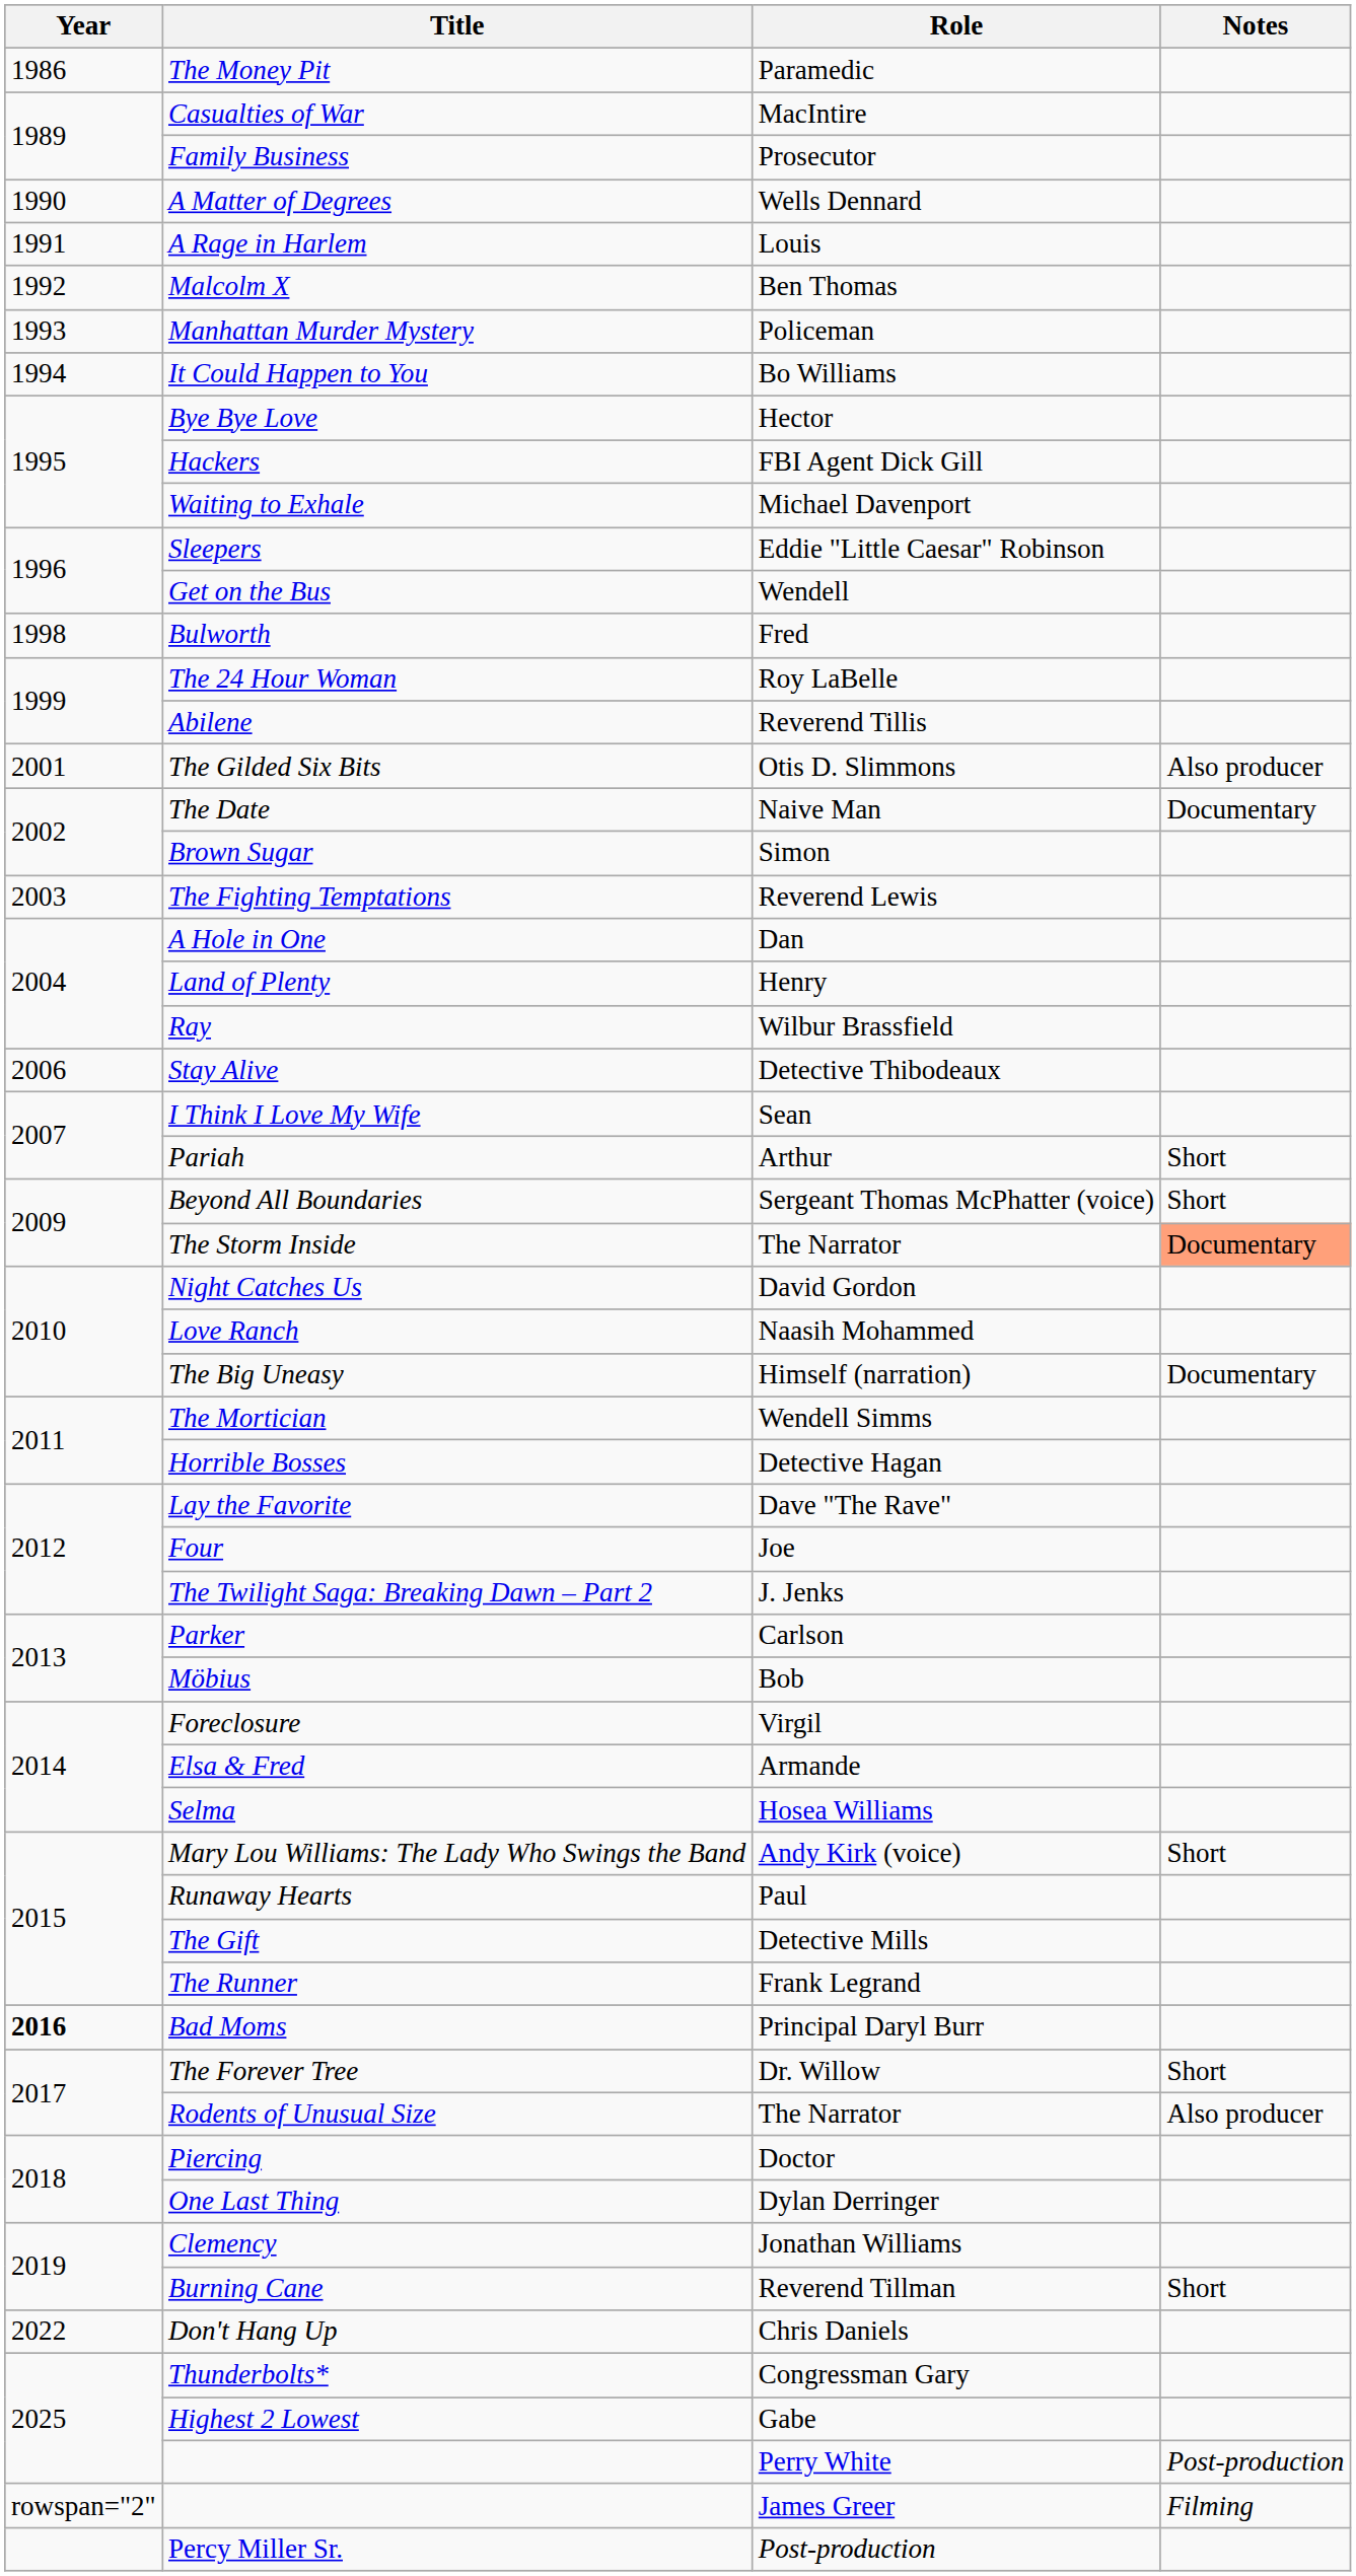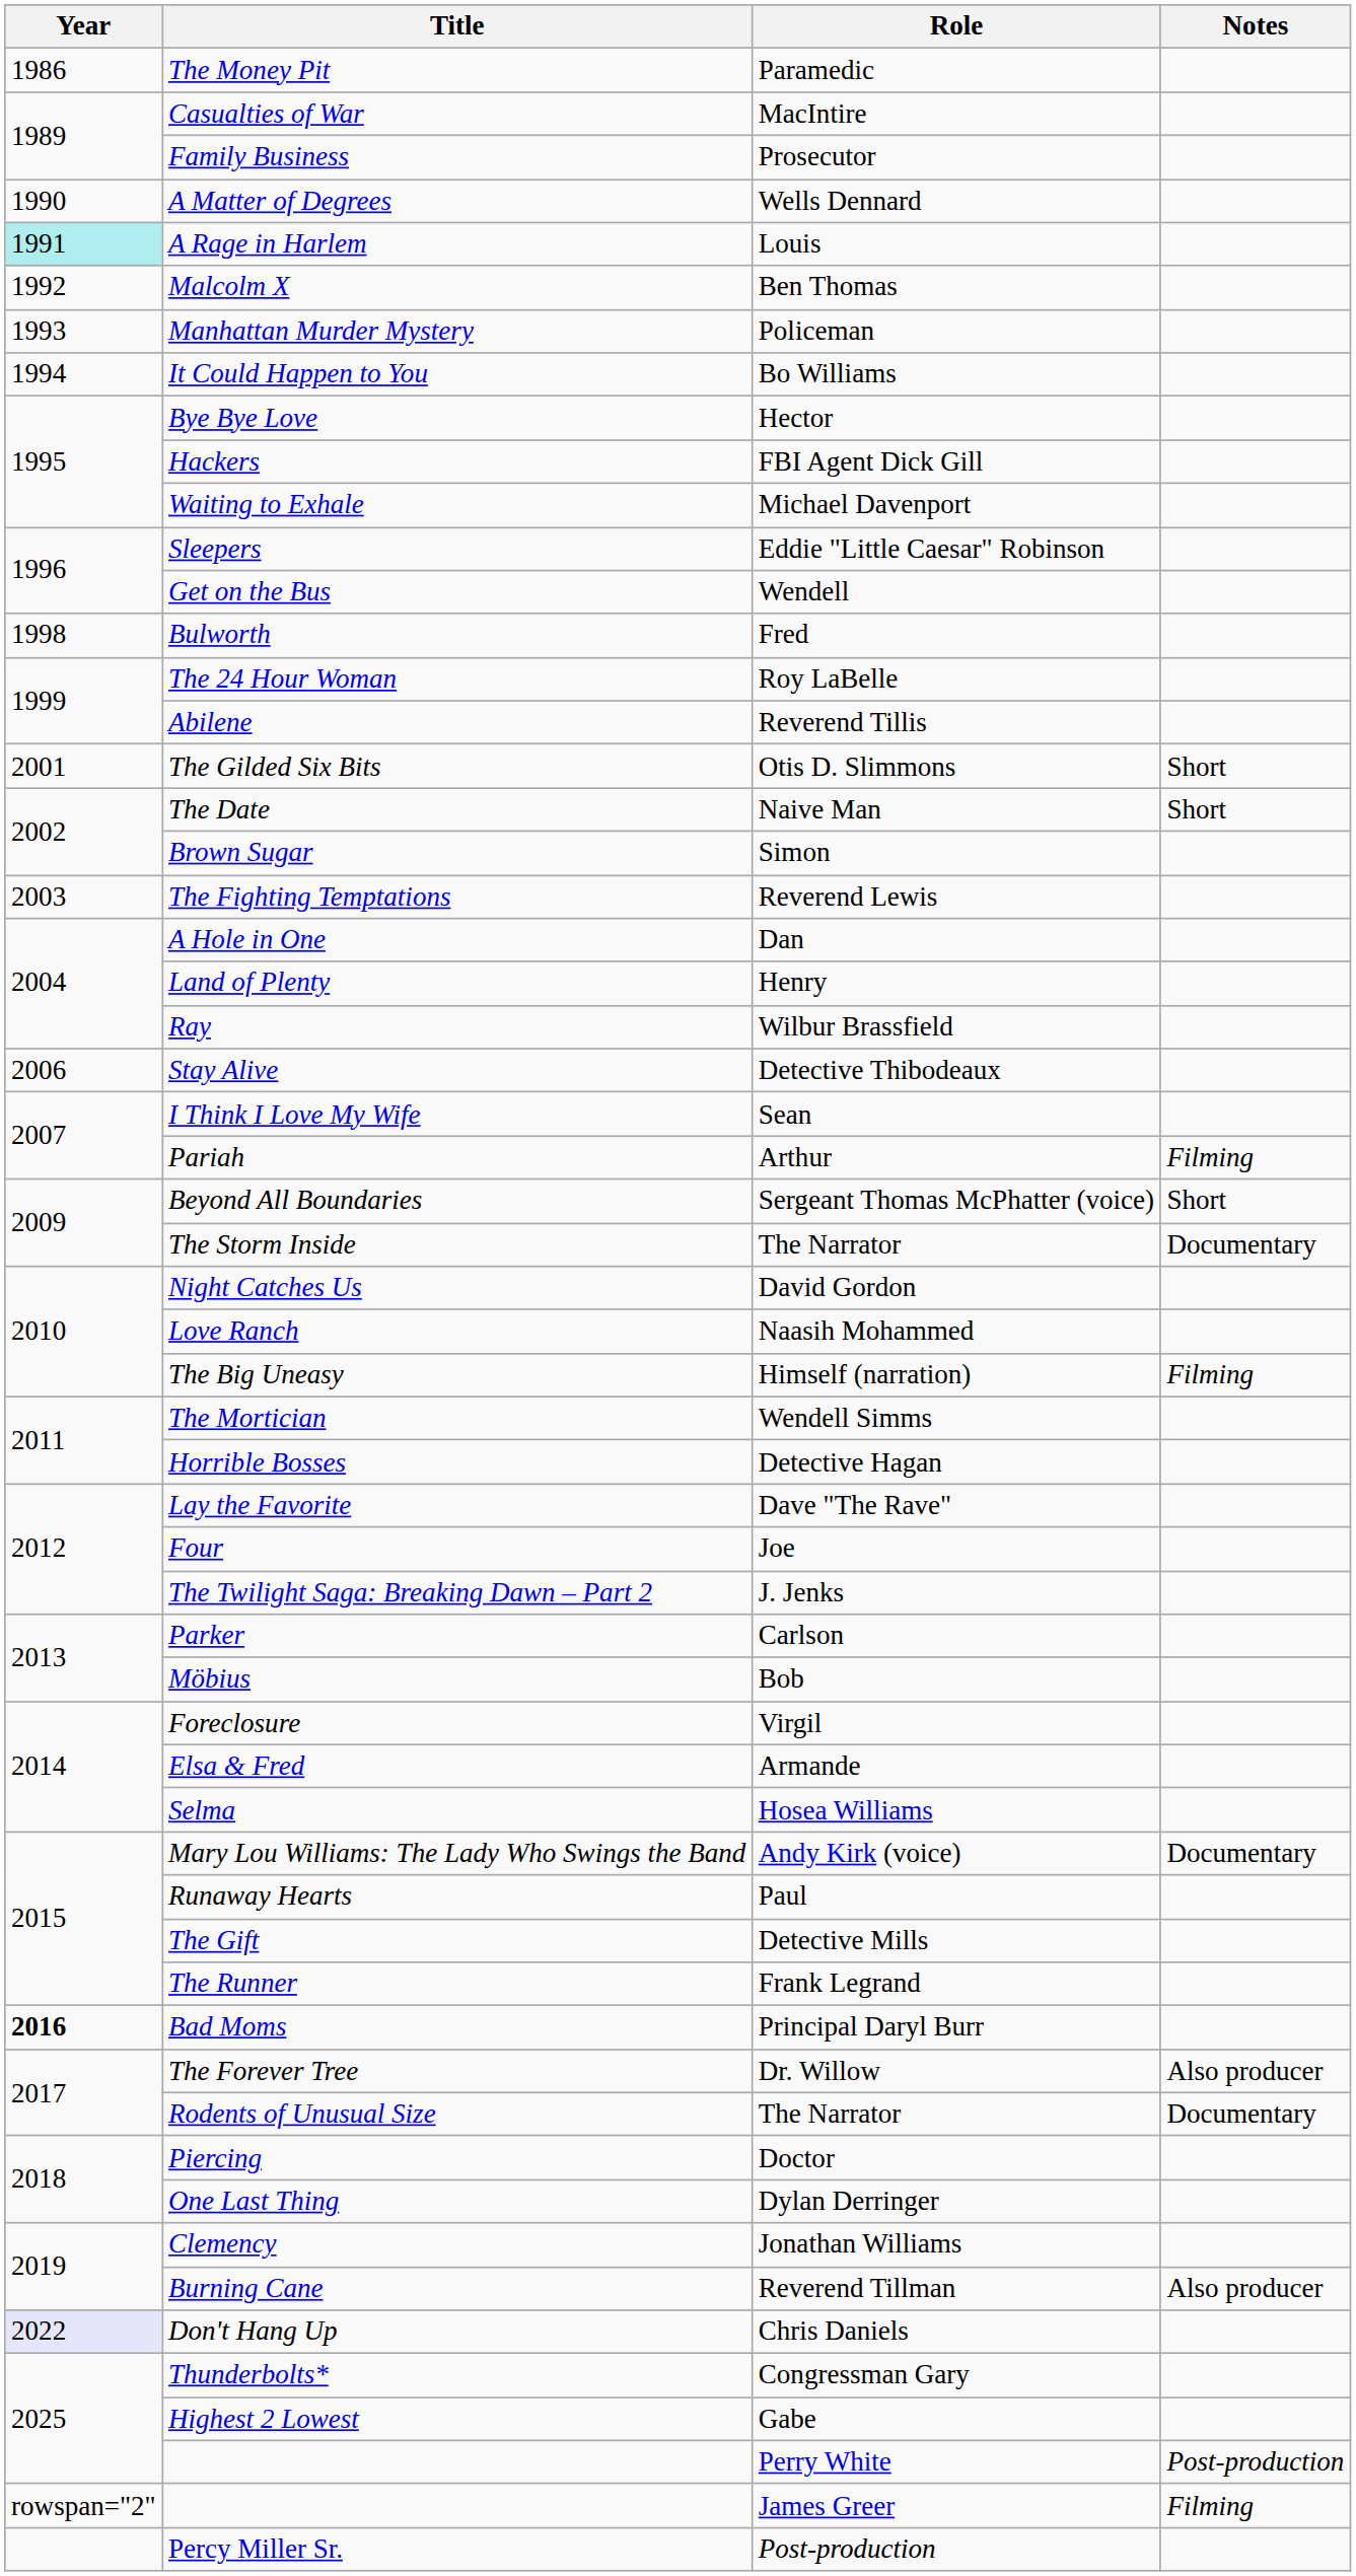 <table class="wikitable sortable">
 <tr>
 <th>Year</th>
 <th>Title</th>
 <th>Role</th>
 <th>Notes</th>
 </tr>
 <tr>
 <td>1986</td>
 <td><em><a href='#'>The Money Pit</a></em></td>
 <td>Paramedic</td>
 <td></td>
 </tr>
 <tr>
 <td rowspan=2>1989</td>
 <td><em><a href='#'>Casualties of War</a></em></td>
 <td>MacIntire</td>
 <td></td>
 </tr>
 <tr>
 <td><em><a href='#'>Family Business</a></em></td>
 <td>Prosecutor</td>
 <td></td>
 </tr>
 <tr>
 <td>1990</td>
 <td><em><a href='#'>A Matter of Degrees</a></em></td>
 <td>Wells Dennard</td>
 <td></td>
 </tr>
 <tr>
-<td>1991</td>
+<td style="background: paleturquoise;">1991</td>
 <td><em><a href='#'>A Rage in Harlem</a></em></td>
 <td>Louis</td>
 <td></td>
 </tr>
 <tr>
 <td>1992</td>
 <td><em><a href='#'>Malcolm X</a></em></td>
 <td>Ben Thomas</td>
 <td></td>
 </tr>
 <tr>
 <td>1993</td>
 <td><em><a href='#'>Manhattan Murder Mystery</a></em></td>
 <td>Policeman</td>
 <td></td>
 </tr>
 <tr>
 <td>1994</td>
 <td><em><a href='#'>It Could Happen to You</a></em></td>
 <td>Bo Williams</td>
 <td></td>
 </tr>
 <tr>
 <td rowspan=3>1995</td>
 <td><em><a href='#'>Bye Bye Love</a></em></td>
 <td>Hector</td>
 <td></td>
 </tr>
 <tr>
 <td><em><a href='#'>Hackers</a></em></td>
 <td>FBI Agent Dick Gill</td>
 <td></td>
 </tr>
 <tr>
 <td><em><a href='#'>Waiting to Exhale</a></em></td>
 <td>Michael Davenport</td>
 <td></td>
 </tr>
 <tr>
 <td rowspan=2>1996</td>
 <td><em><a href='#'>Sleepers</a></em></td>
 <td>Eddie "Little Caesar" Robinson</td>
 <td></td>
 </tr>
 <tr>
 <td><em><a href='#'>Get on the Bus</a></em></td>
 <td>Wendell</td>
 <td></td>
 </tr>
 <tr>
 <td>1998</td>
 <td><em><a href='#'>Bulworth</a></em></td>
 <td>Fred</td>
 <td></td>
 </tr>
 <tr>
 <td rowspan=2>1999</td>
 <td><em><a href='#'>The 24 Hour Woman</a></em></td>
 <td>Roy LaBelle</td>
 <td></td>
 </tr>
 <tr>
 <td><em><a href='#'>Abilene</a></em></td>
 <td>Reverend Tillis</td>
 <td></td>
 </tr>
 <tr>
 <td>2001</td>
 <td><em>The Gilded Six Bits</em></td>
 <td>Otis D. Slimmons</td>
-<td>Also producer</td>
+<td>Short</td>
 </tr>
 <tr>
 <td rowspan=2>2002</td>
 <td><em>The Date</em></td>
 <td>Naive Man</td>
-<td>Documentary</td>
+<td>Short</td>
 </tr>
 <tr>
 <td><em><a href='#'>Brown Sugar</a></em></td>
 <td>Simon</td>
 <td></td>
 </tr>
 <tr>
 <td>2003</td>
 <td><em><a href='#'>The Fighting Temptations</a></em></td>
 <td>Reverend Lewis</td>
 <td></td>
 </tr>
 <tr>
 <td rowspan=3>2004</td>
 <td><em><a href='#'>A Hole in One</a></em></td>
 <td>Dan</td>
 <td></td>
 </tr>
 <tr>
 <td><em><a href='#'>Land of Plenty</a></em></td>
 <td>Henry</td>
 <td></td>
 </tr>
 <tr>
 <td><em><a href='#'>Ray</a></em></td>
 <td>Wilbur Brassfield</td>
 <td></td>
 </tr>
 <tr>
 <td>2006</td>
 <td><em><a href='#'>Stay Alive</a></em></td>
 <td>Detective Thibodeaux</td>
 <td></td>
 </tr>
 <tr>
 <td rowspan=2>2007</td>
 <td><em><a href='#'>I Think I Love My Wife</a></em></td>
 <td>Sean</td>
 <td></td>
 </tr>
 <tr>
 <td><em>Pariah</em></td>
 <td>Arthur</td>
-<td>Short</td>
+<td><em>Filming</em></td>
 </tr>
 <tr>
 <td rowspan=2>2009</td>
 <td><em>Beyond All Boundaries</em></td>
 <td>Sergeant Thomas McPhatter (voice)</td>
 <td>Short</td>
 </tr>
 <tr>
 <td><em>The Storm Inside</em></td>
 <td>The Narrator</td>
-<td style="background: lightsalmon;">Documentary</td>
+<td>Documentary</td>
 </tr>
 <tr>
 <td rowspan=3>2010</td>
 <td><em><a href='#'>Night Catches Us</a></em></td>
 <td>David Gordon</td>
 <td></td>
 </tr>
 <tr>
 <td><em><a href='#'>Love Ranch</a></em></td>
 <td>Naasih Mohammed</td>
 <td></td>
 </tr>
 <tr>
 <td><em>The Big Uneasy</em></td>
 <td>Himself (narration)</td>
-<td>Documentary</td>
+<td><em>Filming</em></td>
 </tr>
 <tr>
 <td rowspan=2>2011</td>
 <td><em><a href='#'>The Mortician</a></em></td>
 <td>Wendell Simms</td>
 <td></td>
 </tr>
 <tr>
 <td><em><a href='#'>Horrible Bosses</a></em></td>
 <td>Detective Hagan</td>
 <td></td>
 </tr>
 <tr>
 <td rowspan=3>2012</td>
 <td><em><a href='#'>Lay the Favorite</a></em></td>
 <td>Dave "The Rave"</td>
 <td></td>
 </tr>
 <tr>
 <td><em><a href='#'>Four</a></em></td>
 <td>Joe</td>
 <td></td>
 </tr>
 <tr>
 <td><em><a href='#'>The Twilight Saga: Breaking Dawn – Part 2</a></em></td>
 <td>J. Jenks</td>
 <td></td>
 </tr>
 <tr>
 <td rowspan=2>2013</td>
 <td><em><a href='#'>Parker</a></em></td>
 <td>Carlson</td>
 <td></td>
 </tr>
 <tr>
 <td><em><a href='#'>Möbius</a></em></td>
 <td>Bob</td>
 <td></td>
 </tr>
 <tr>
 <td rowspan=3>2014</td>
 <td><em>Foreclosure</em></td>
 <td>Virgil</td>
 <td></td>
 </tr>
 <tr>
 <td><em><a href='#'>Elsa & Fred</a></em></td>
 <td>Armande</td>
 <td></td>
 </tr>
 <tr>
 <td><em><a href='#'>Selma</a></em></td>
 <td><a href='#'>Hosea Williams</a></td>
 <td></td>
 </tr>
 <tr>
 <td rowspan=4>2015</td>
 <td><em>Mary Lou Williams: The Lady Who Swings the Band</em></td>
 <td><a href='#'>Andy Kirk</a> (voice)</td>
-<td>Short</td>
+<td>Documentary</td>
 </tr>
 <tr>
 <td><em>Runaway Hearts</em></td>
 <td>Paul</td>
 <td></td>
 </tr>
 <tr>
 <td><em><a href='#'>The Gift</a></em></td>
 <td>Detective Mills</td>
 <td></td>
 </tr>
 <tr>
 <td><em><a href='#'>The Runner</a></em></td>
 <td>Frank Legrand</td>
 <td></td>
 </tr>
 <tr>
 <td><strong>2016</strong></td>
 <td><em><a href='#'>Bad Moms</a></em></td>
 <td>Principal Daryl Burr</td>
 <td></td>
 </tr>
 <tr>
 <td rowspan=2>2017</td>
 <td><em>The Forever Tree</em></td>
 <td>Dr. Willow</td>
-<td>Short</td>
+<td>Also producer</td>
 </tr>
 <tr>
 <td><em><a href='#'>Rodents of Unusual Size</a></em></td>
 <td>The Narrator</td>
-<td>Also producer</td>
+<td>Documentary</td>
 </tr>
 <tr>
 <td rowspan=2>2018</td>
 <td><em><a href='#'>Piercing</a></em></td>
 <td>Doctor</td>
 <td></td>
 </tr>
 <tr>
 <td><em><a href='#'>One Last Thing</a></em></td>
 <td>Dylan Derringer</td>
 <td></td>
 </tr>
 <tr>
 <td rowspan=2>2019</td>
 <td><em><a href='#'>Clemency</a></em></td>
 <td>Jonathan Williams</td>
 <td></td>
 </tr>
 <tr>
 <td><em><a href='#'>Burning Cane</a></em></td>
 <td>Reverend Tillman</td>
-<td>Short</td>
+<td>Also producer</td>
 </tr>
 <tr>
-<td>2022</td>
+<td style="background: lavender;">2022</td>
 <td><em>Don't Hang Up</em></td>
 <td>Chris Daniels</td>
 <td></td>
 </tr>
 <tr>
 <td rowspan="3">2025</td>
 <td><em><a href='#'>Thunderbolts*</a></em></td>
 <td>Congressman Gary</td>
 <td></td>
 </tr>
 <tr>
 <td><em><a href='#'>Highest 2 Lowest</a></em></td>
 <td>Gabe</td>
 <td></td>
 </tr>
 <tr>
 <td></td>
 <td><a href='#'>Perry White</a></td>
 <td><em>Post-production</em></td>
 </tr>
 <tr>
 <td>rowspan="2" </td>
 <td></td>
 <td><a href='#'>James Greer</a></td>
 <td><em>Filming</em></td>
 </tr>
 <tr>
 <td></td>
 <td><a href='#'>Percy Miller Sr.</a></td>
 <td><em>Post-production</em></td>
 </tr>
 </table>
